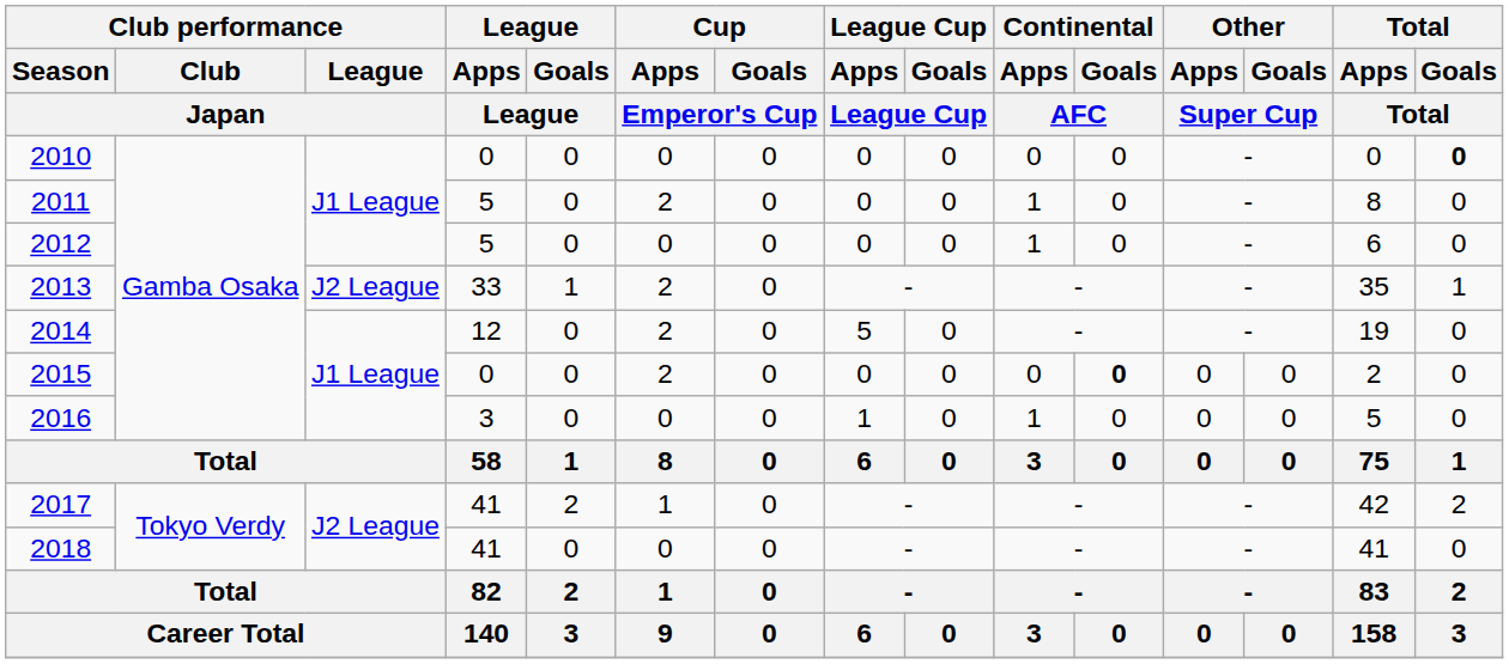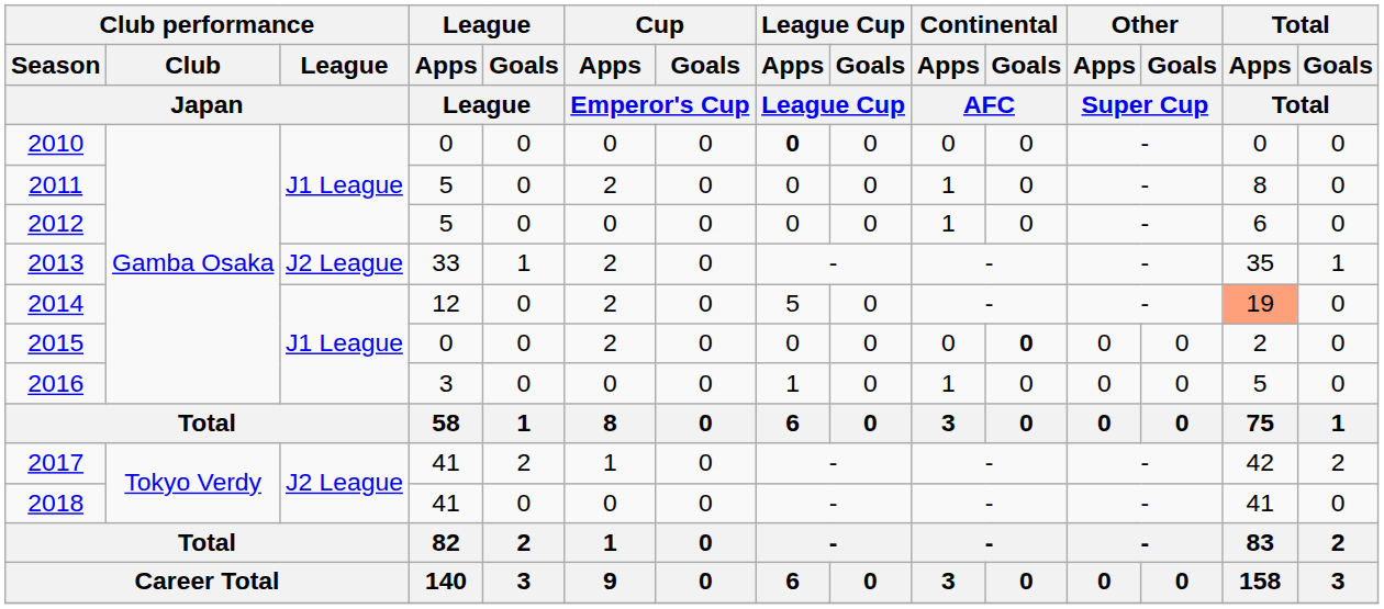 <table class="wikitable" style="text-align:center">
 <tr>
 <th colspan=3>Club performance</th>
 <th colspan=2>League</th>
 <th colspan=2>Cup</th>
 <th colspan=2>League Cup</th>
 <th colspan=2>Continental</th>
 <th colspan=2>Other</th>
 <th colspan=2>Total</th>
 </tr>
 <tr>
 <th>Season</th>
 <th>Club</th>
 <th>League</th>
 <th>Apps</th>
 <th>Goals</th>
 <th>Apps</th>
 <th>Goals</th>
 <th>Apps</th>
 <th>Goals</th>
 <th>Apps</th>
 <th>Goals</th>
 <th>Apps</th>
 <th>Goals</th>
 <th>Apps</th>
 <th>Goals</th>
 </tr>
 <tr>
 <th colspan=3>Japan</th>
 <th colspan=2>League</th>
 <th colspan=2><a href='#'>Emperor's Cup</a></th>
 <th colspan=2><a href='#'>League Cup</a></th>
 <th colspan=2><a href='#'>AFC</a></th>
 <th colspan=2><a href='#'>Super Cup</a></th>
 <th colspan=2>Total</th>
 </tr>
 <tr>
 <td><a href='#'>2010</a></td>
 <td rowspan="7"><a href='#'>Gamba Osaka</a></td>
 <td rowspan="3"><a href='#'>J1 League</a></td>
 <td>0</td>
 <td>0</td>
 <td>0</td>
 <td>0</td>
-<td>0</td>
+<td><strong>0</strong></td>
 <td>0</td>
 <td>0</td>
 <td>0</td>
 <td colspan="2">-</td>
 <td>0</td>
-<td><strong>0</strong></td>
+<td>0</td>
 </tr>
 <tr>
 <td><a href='#'>2011</a></td>
 <td>5</td>
 <td>0</td>
 <td>2</td>
 <td>0</td>
 <td>0</td>
 <td>0</td>
 <td>1</td>
 <td>0</td>
 <td colspan="2">-</td>
 <td>8</td>
 <td>0</td>
 </tr>
 <tr>
 <td><a href='#'>2012</a></td>
 <td>5</td>
 <td>0</td>
 <td>0</td>
 <td>0</td>
 <td>0</td>
 <td>0</td>
 <td>1</td>
 <td>0</td>
 <td colspan="2">-</td>
 <td>6</td>
 <td>0</td>
 </tr>
 <tr>
 <td><a href='#'>2013</a></td>
 <td><a href='#'>J2 League</a></td>
 <td>33</td>
 <td>1</td>
 <td>2</td>
 <td>0</td>
 <td colspan="2">-</td>
 <td colspan="2">-</td>
 <td colspan="2">-</td>
 <td>35</td>
 <td>1</td>
 </tr>
 <tr>
 <td><a href='#'>2014</a></td>
 <td rowspan="3"><a href='#'>J1 League</a></td>
 <td>12</td>
 <td>0</td>
 <td>2</td>
 <td>0</td>
 <td>5</td>
 <td>0</td>
 <td colspan="2">-</td>
 <td colspan="2">-</td>
-<td>19</td>
+<td style="background: lightsalmon;">19</td>
 <td>0</td>
 </tr>
 <tr>
 <td><a href='#'>2015</a></td>
 <td>0</td>
 <td>0</td>
 <td>2</td>
 <td>0</td>
 <td>0</td>
 <td>0</td>
 <td>0</td>
 <td><strong>0</strong></td>
 <td>0</td>
 <td>0</td>
 <td>2</td>
 <td>0</td>
 </tr>
 <tr>
 <td><a href='#'>2016</a></td>
 <td>3</td>
 <td>0</td>
 <td>0</td>
 <td>0</td>
 <td>1</td>
 <td>0</td>
 <td>1</td>
 <td>0</td>
 <td>0</td>
 <td>0</td>
 <td>5</td>
 <td>0</td>
 </tr>
 <tr>
 <th colspan="3">Total</th>
 <th>58</th>
 <th>1</th>
 <th>8</th>
 <th>0</th>
 <th>6</th>
 <th>0</th>
 <th>3</th>
 <th>0</th>
 <th>0</th>
 <th>0</th>
 <th>75</th>
 <th>1</th>
 </tr>
 <tr>
 <td><a href='#'>2017</a></td>
 <td rowspan="2"><a href='#'>Tokyo Verdy</a></td>
 <td rowspan="2"><a href='#'>J2 League</a></td>
 <td>41</td>
 <td>2</td>
 <td>1</td>
 <td>0</td>
 <td colspan="2">-</td>
 <td colspan="2">-</td>
 <td colspan="2">-</td>
 <td>42</td>
 <td>2</td>
 </tr>
 <tr>
 <td><a href='#'>2018</a></td>
 <td>41</td>
 <td>0</td>
 <td>0</td>
 <td>0</td>
 <td colspan="2">-</td>
 <td colspan="2">-</td>
 <td colspan="2">-</td>
 <td>41</td>
 <td>0</td>
 </tr>
 <tr>
 <th colspan="3">Total</th>
 <th>82</th>
 <th>2</th>
 <th>1</th>
 <th>0</th>
 <th colspan="2">-</th>
 <th colspan="2">-</th>
 <th colspan="2">-</th>
 <th>83</th>
 <th>2</th>
 </tr>
 <tr>
 <th colspan="3">Career Total</th>
 <th>140</th>
 <th>3</th>
 <th>9</th>
 <th>0</th>
 <th>6</th>
 <th>0</th>
 <th>3</th>
 <th>0</th>
 <th>0</th>
 <th>0</th>
 <th>158</th>
 <th>3</th>
 </tr>
 <tr>
 </tr>
 </table>
